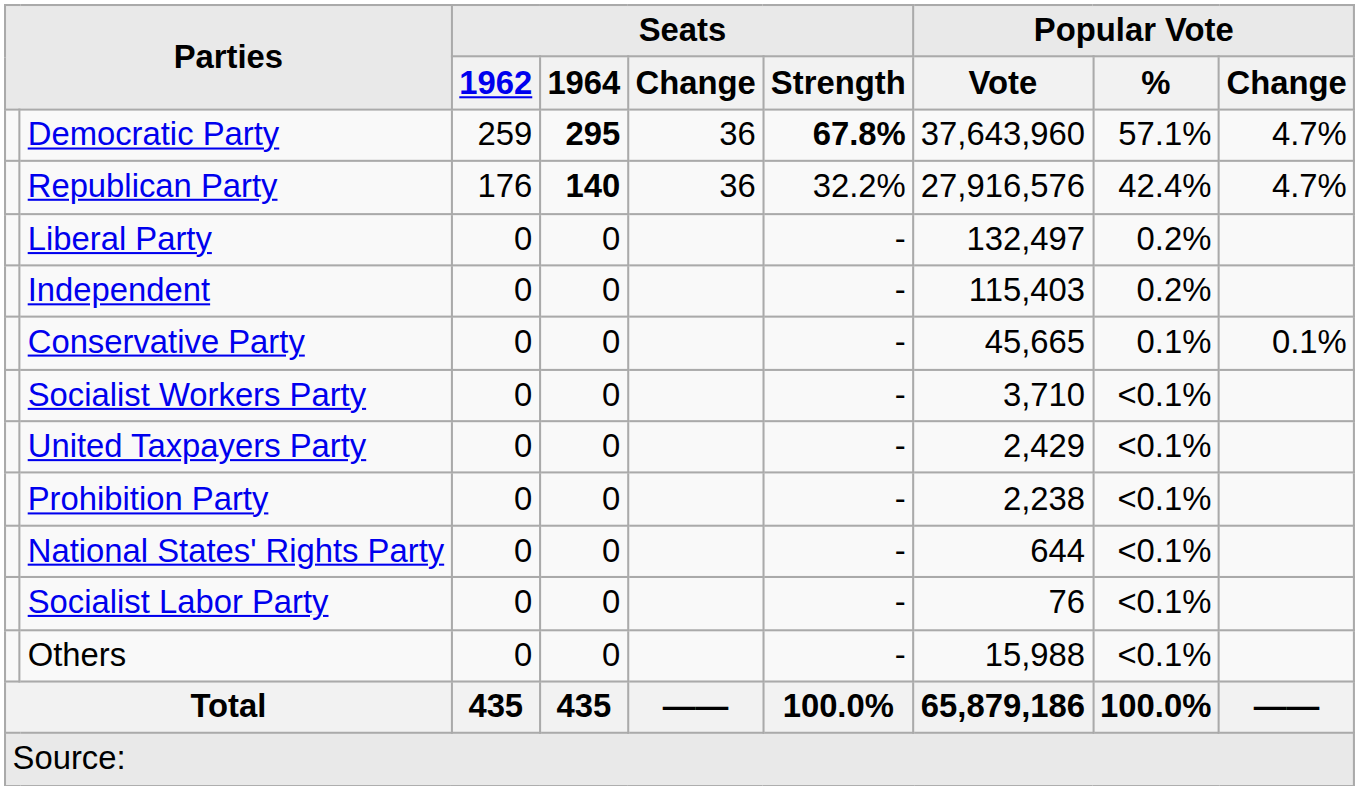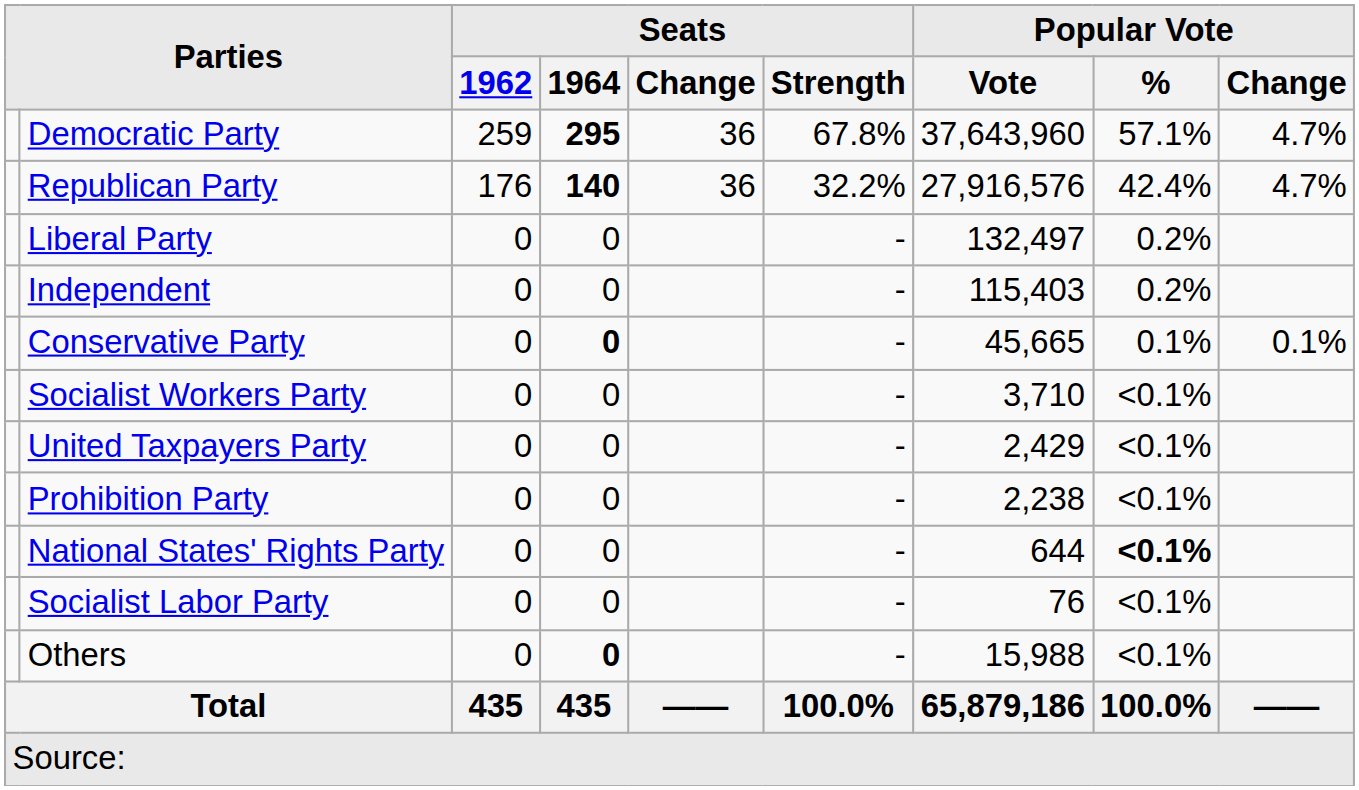 <table class=wikitable style=text-align:center">
 <tr>
 <th style="background-color:#E9E9E9" colspan=2 rowspan=2>Parties</th>
 <th style="background-color:#E9E9E9" colspan=4>Seats</th>
 <th style="background-color:#E9E9E9" colspan=3>Popular Vote</th>
 </tr>
 <tr>
 <th><a href='#'>1962</a></th>
 <th>1964</th>
 <th>Change</th>
 <th>Strength</th>
 <th>Vote</th>
 <th>%</th>
 <th>Change</th>
 </tr>
 <tr>
 <td></td>
 <td><a href='#'>Democratic Party</a></td>
 <td align=right>259</td>
 <td align=right><strong>295</strong></td>
 <td align=right> 36</td>
-<td align=right><strong>67.8%</strong></td>
+<td align=right>67.8%</td>
 <td align=right>37,643,960</td>
 <td align=right>57.1%</td>
 <td align=right> 4.7%</td>
 </tr>
 <tr>
 <td></td>
 <td><a href='#'>Republican Party</a></td>
 <td align=right>176</td>
 <td align=right><strong>140</strong></td>
 <td align=right> 36</td>
 <td align=right>32.2%</td>
 <td align=right>27,916,576</td>
 <td align=right>42.4%</td>
 <td align=right> 4.7%</td>
 </tr>
 <tr>
 <td></td>
 <td><a href='#'>Liberal Party</a></td>
 <td align=right>0</td>
 <td align=right>0</td>
 <td align=right></td>
 <td align=right>-</td>
 <td align=right>132,497</td>
 <td align=right>0.2%</td>
 <td align=right></td>
 </tr>
 <tr>
 <td></td>
 <td><a href='#'>Independent</a></td>
 <td align=right>0</td>
 <td align=right>0</td>
 <td align=right></td>
 <td align=right>-</td>
 <td align=right>115,403</td>
 <td align=right>0.2%</td>
 <td align=right></td>
 </tr>
 <tr>
 <td></td>
 <td><a href='#'>Conservative Party</a></td>
 <td align=right>0</td>
-<td align=right>0</td>
+<td align=right><strong>0</strong></td>
 <td align=right></td>
 <td align=right>-</td>
 <td align=right>45,665</td>
 <td align=right>0.1%</td>
 <td align=right> 0.1%</td>
 </tr>
 <tr>
 <td></td>
 <td><a href='#'>Socialist Workers Party</a></td>
 <td align=right>0</td>
 <td align=right>0</td>
 <td align=right></td>
 <td align=right>-</td>
 <td align=right>3,710</td>
 <td align=right><0.1%</td>
 <td align=right></td>
 </tr>
 <tr>
 <td></td>
 <td><a href='#'>United Taxpayers Party</a></td>
 <td align=right>0</td>
 <td align=right>0</td>
 <td align=right></td>
 <td align=right>-</td>
 <td align=right>2,429</td>
 <td align=right><0.1%</td>
 <td align=right></td>
 </tr>
 <tr>
 <td></td>
 <td><a href='#'>Prohibition Party</a></td>
 <td align=right>0</td>
 <td align=right>0</td>
 <td align=right></td>
 <td align=right>-</td>
 <td align=right>2,238</td>
 <td align=right><0.1%</td>
 <td align=right></td>
 </tr>
 <tr>
 <td></td>
 <td><a href='#'>National States' Rights Party</a></td>
 <td align=right>0</td>
 <td align=right>0</td>
 <td align=right></td>
 <td align=right>-</td>
 <td align=right>644</td>
-<td align=right><0.1%</td>
+<td align=right><strong><0.1%</strong></td>
 <td align=right></td>
 </tr>
 <tr>
 <td></td>
 <td><a href='#'>Socialist Labor Party</a></td>
 <td align=right>0</td>
 <td align=right>0</td>
 <td align=right></td>
 <td align=right>-</td>
 <td align=right>76</td>
 <td align=right><0.1%</td>
 <td align=right></td>
 </tr>
 <tr>
 <td></td>
 <td>Others</td>
 <td align=right>0</td>
-<td align=right>0</td>
+<td align=right><strong>0</strong></td>
 <td align=right></td>
 <td align=right>-</td>
 <td align=right>15,988</td>
 <td align=right><0.1%</td>
 <td align=right></td>
 </tr>
 <tr>
 <th colspan=2 width=100>Total</th>
 <th>435</th>
 <th>435</th>
 <th>——</th>
 <th>100.0%</th>
 <th>65,879,186</th>
 <th>100.0%</th>
 <th>——</th>
 </tr>
 <tr bgcolor=E9E9E9>
 <td colspan=9>Source: </td>
 </tr>
 </table>
